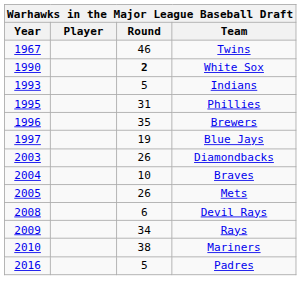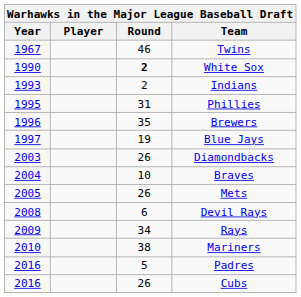 <table class="wikitable sortable collapsible collapsed" style="text-align:center">
 <tr>
 <th colspan=4>Warhawks in the Major League Baseball Draft</th>
 </tr>
 <tr>
 <th>Year</th>
 <th>Player</th>
 <th>Round</th>
 <th>Team</th>
 </tr>
 <tr>
 <td><a href='#'>1967</a></td>
 <td></td>
 <td>46</td>
 <td><a href='#'>Twins</a></td>
 </tr>
 <tr>
 <td><a href='#'>1990</a></td>
 <td></td>
 <td><strong>2</strong></td>
 <td><a href='#'>White Sox</a></td>
 </tr>
 <tr>
 <td><a href='#'>1993</a></td>
 <td></td>
-<td>5</td>
+<td>2</td>
 <td><a href='#'>Indians</a></td>
 </tr>
 <tr>
 <td><a href='#'>1995</a></td>
 <td></td>
 <td>31</td>
 <td><a href='#'>Phillies</a></td>
 </tr>
 <tr>
 <td><a href='#'>1996</a></td>
 <td></td>
 <td>35</td>
 <td><a href='#'>Brewers</a></td>
 </tr>
 <tr>
 <td><a href='#'>1997</a></td>
 <td></td>
 <td>19</td>
 <td><a href='#'>Blue Jays</a></td>
 </tr>
 <tr>
 <td><a href='#'>2003</a></td>
 <td></td>
 <td>26</td>
 <td><a href='#'>Diamondbacks</a></td>
 </tr>
 <tr>
 <td><a href='#'>2004</a></td>
 <td></td>
 <td>10</td>
 <td><a href='#'>Braves</a></td>
 </tr>
 <tr>
 <td><a href='#'>2005</a></td>
 <td></td>
 <td>26</td>
 <td><a href='#'>Mets</a></td>
 </tr>
 <tr>
 <td><a href='#'>2008</a></td>
 <td></td>
 <td>6</td>
 <td><a href='#'>Devil Rays</a></td>
 </tr>
 <tr>
 <td><a href='#'>2009</a></td>
 <td></td>
 <td>34</td>
 <td><a href='#'>Rays</a></td>
 </tr>
 <tr>
 <td><a href='#'>2010</a></td>
 <td></td>
 <td>38</td>
 <td><a href='#'>Mariners</a></td>
 </tr>
 <tr>
 <td><a href='#'>2016</a></td>
 <td></td>
 <td>5</td>
 <td><a href='#'>Padres</a></td>
 </tr>
+<tr>
+<td><a href='#'>2016</a></td>
+<td></td>
+<td>26</td>
+<td><a href='#'>Cubs</a></td>
+</tr>
 </table>
